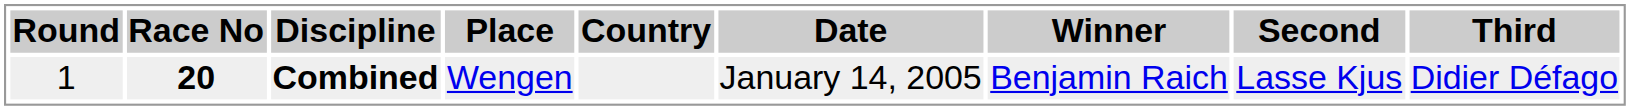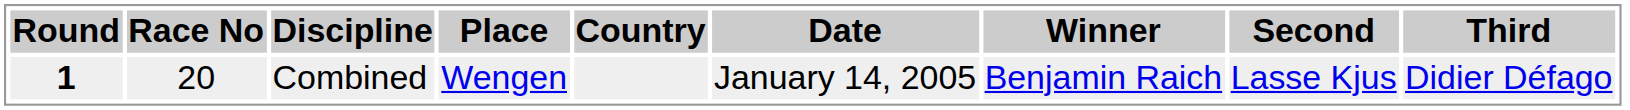 <table border="0" style="border: 1px solid #999; background-color:#FFFFFF; text-align:center">
 <tr align="center" bgcolor="#CCCCCC">
 <th>Round</th>
 <th>Race No</th>
 <th>Discipline</th>
 <th>Place</th>
 <th>Country</th>
 <th>Date</th>
 <th>Winner</th>
 <th>Second</th>
 <th>Third</th>
 </tr>
 <tr bgcolor="#EFEFEF">
-<td>1</td>
-<td><strong>20</strong></td>
-<td align="left"><strong>Combined</strong></td>
+<td><strong>1</strong></td>
+<td>20</td>
+<td align="left">Combined</td>
 <td align="left"><a href='#'>Wengen</a></td>
 <td align="left"></td>
 <td align="left">January 14, 2005</td>
 <td align="left"> <a href='#'>Benjamin Raich</a></td>
 <td align="left"> <a href='#'>Lasse Kjus</a></td>
 <td align="left"> <a href='#'>Didier Défago</a></td>
 </tr>
 </table>
